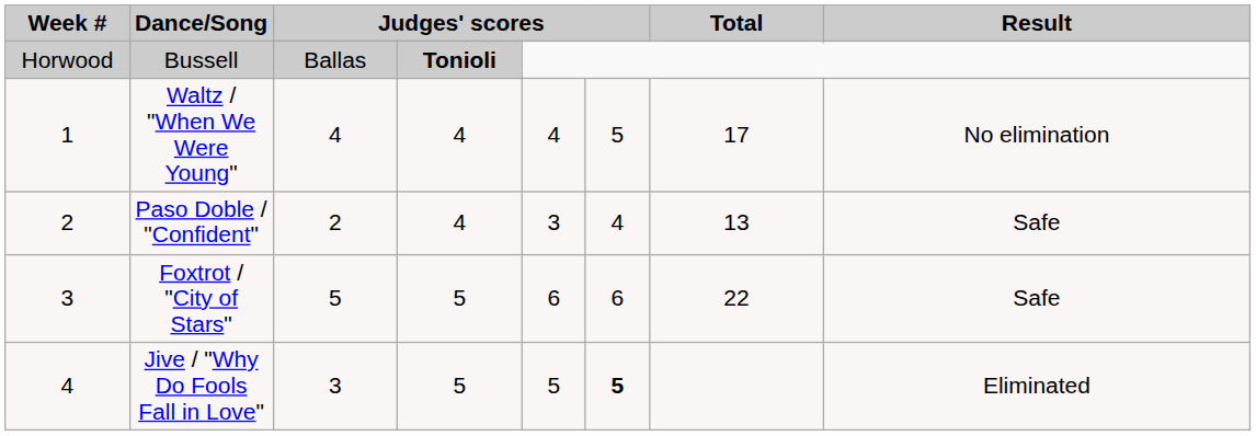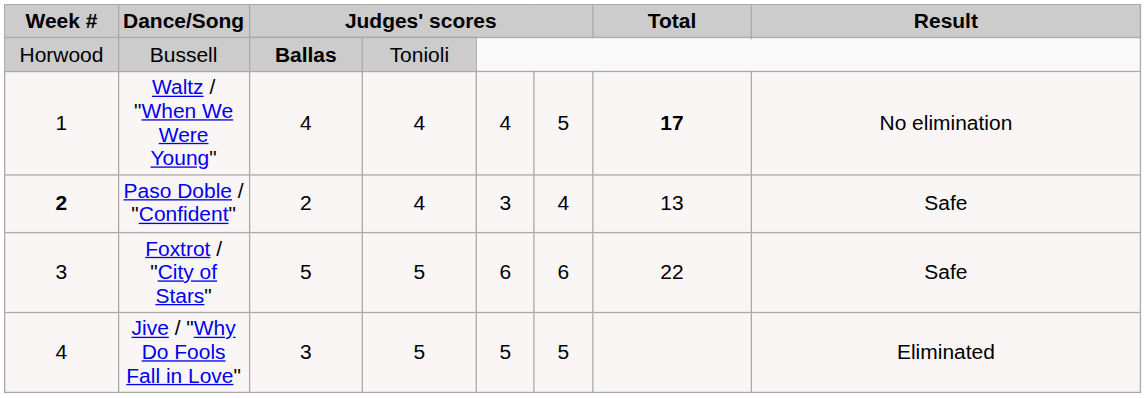 <table class="wikitable collapsible collapsed">
 <tr>
 <td rowspan="2" style="background:#CCCCCC;" align="Center"><strong>Week #</strong></td>
 <td rowspan="2" style="background:#CCCCCC;" align="Center"><strong>Dance/Song</strong></td>
 <td colspan="4" style="background:#CCCCCC;" align="Center"><strong>Judges' scores</strong></td>
 <td rowspan="2" style="background:#CCCCCC;" align="Center"><strong>Total</strong></td>
 <td rowspan="2" style="background:#CCCCCC;" align="Center"><strong>Result</strong></td>
 </tr>
 <tr>
 </tr>
 <tr>
 <td style="background:#CCCCCC;" width="10%" align="center">Horwood</td>
 <td style="background:#CCCCCC;" width="10%" align="center">Bussell</td>
-<td style="background:#CCCCCC;" width="10%" align="center">Ballas</td>
-<td style="background:#CCCCCC;" width="10%" align="center"><strong>Tonioli</strong></td>
+<td style="background:#CCCCCC;" width="10%" align="center"><strong>Ballas</strong></td>
+<td style="background:#CCCCCC;" width="10%" align="center">Tonioli</td>
 </tr>
 <tr>
 </tr>
 <tr>
 <td style="text-align:center; background:#faf6f6;">1</td>
 <td style="text-align:center; background:#faf6f6;"><a href='#'>Waltz</a> / "<a href='#'>When We Were Young</a>"</td>
 <td style="text-align:center; background:#faf6f6;">4</td>
 <td style="text-align:center; background:#faf6f6;">4</td>
 <td style="text-align:center; background:#faf6f6;">4</td>
 <td style="text-align:center; background:#faf6f6;">5</td>
-<td style="text-align:center; background:#faf6f6;">17</td>
+<td style="text-align:center; background:#faf6f6;"><strong>17</strong></td>
 <td style="text-align:center; background:#faf6f6;">No elimination</td>
 </tr>
 <tr>
-<td style="text-align:center; background:#faf6f6;">2</td>
+<td style="text-align:center; background:#faf6f6;"><strong>2</strong></td>
 <td style="text-align:center; background:#faf6f6;"><a href='#'>Paso Doble</a> / "<a href='#'>Confident</a>"</td>
 <td style="text-align:center; background:#faf6f6;">2</td>
 <td style="text-align:center; background:#faf6f6;">4</td>
 <td style="text-align:center; background:#faf6f6;">3</td>
 <td style="text-align:center; background:#faf6f6;">4</td>
 <td style="text-align:center; background:#faf6f6;">13</td>
 <td style="text-align:center; background:#faf6f6;">Safe</td>
 </tr>
 <tr>
 <td style="text-align:center; background:#faf6f6;">3</td>
 <td style="text-align:center; background:#faf6f6;"><a href='#'>Foxtrot</a> / "<a href='#'>City of Stars</a>"</td>
 <td style="text-align:center; background:#faf6f6;">5</td>
 <td style="text-align:center; background:#faf6f6;">5</td>
 <td style="text-align:center; background:#faf6f6;">6</td>
 <td style="text-align:center; background:#faf6f6;">6</td>
 <td style="text-align:center; background:#faf6f6;">22</td>
 <td style="text-align:center; background:#faf6f6;">Safe</td>
 </tr>
 <tr>
 <td style="text-align:center; background:#faf6f6;">4</td>
 <td style="text-align:center; background:#faf6f6;"><a href='#'>Jive</a> / "<a href='#'>Why Do Fools Fall in Love</a>"</td>
 <td style="text-align:center; background:#faf6f6;">3</td>
 <td style="text-align:center; background:#faf6f6;">5</td>
 <td style="text-align:center; background:#faf6f6;">5</td>
-<td style="text-align:center; background:#faf6f6;"><strong>5</strong></td>
+<td style="text-align:center; background:#faf6f6;">5</td>
 <td style="text-align:center; background:#faf6f6;"></td>
 <td style="text-align:center; background:#faf6f6;">Eliminated</td>
 </tr>
 </table>
